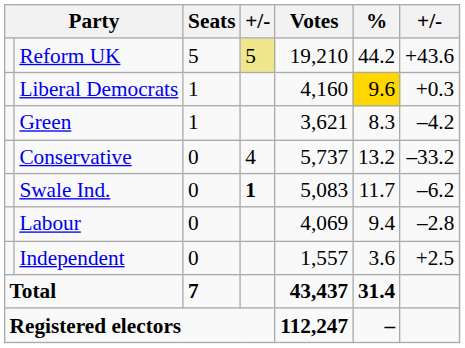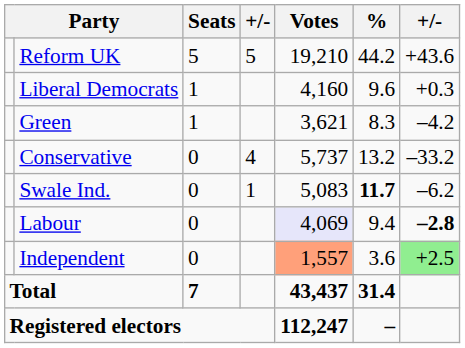 <table class="wikitable sortable">
 <tr>
 <th colspan="2">Party</th>
 <th>Seats</th>
 <th>+/-</th>
 <th>Votes</th>
 <th>%</th>
 <th>+/-</th>
 </tr>
 <tr>
 <td style="background-color: "></td>
 <td><a href='#'>Reform UK</a></td>
 <td>5</td>
-<td style="background: khaki;"> 5</td>
+<td> 5</td>
 <td style="text-align:right;">19,210</td>
 <td style="text-align:right;">44.2</td>
 <td style="text-align:right;">+43.6</td>
 </tr>
 <tr>
 <td style="background-color: "></td>
 <td><a href='#'>Liberal Democrats</a></td>
 <td>1</td>
 <td></td>
 <td style="text-align:right;">4,160</td>
-<td style="background: gold; text-align:right;">9.6</td>
+<td style="text-align:right;">9.6</td>
 <td style="text-align:right;">+0.3</td>
 </tr>
 <tr>
 <td style="background-color: "></td>
 <td><a href='#'>Green</a></td>
 <td>1</td>
 <td></td>
 <td style="text-align:right;">3,621</td>
 <td style="text-align:right;">8.3</td>
 <td style="text-align:right;">–4.2</td>
 </tr>
 <tr>
 <td style="background-color: "></td>
 <td><a href='#'>Conservative</a></td>
 <td>0</td>
 <td> 4</td>
 <td style="text-align:right;">5,737</td>
 <td style="text-align:right;">13.2</td>
 <td style="text-align:right;">–33.2</td>
 </tr>
 <tr>
 <td style="background-color: "></td>
 <td><a href='#'>Swale Ind.</a></td>
 <td>0</td>
-<td><strong> 1</strong></td>
+<td> 1</td>
 <td style="text-align:right;">5,083</td>
-<td style="text-align:right;">11.7</td>
+<td style="text-align:right;"><strong>11.7</strong></td>
 <td style="text-align:right;">–6.2</td>
 </tr>
 <tr>
 <td style="background-color: "></td>
 <td><a href='#'>Labour</a></td>
 <td>0</td>
 <td></td>
-<td style="text-align:right;">4,069</td>
+<td style="background: lavender; text-align:right;">4,069</td>
 <td style="text-align:right;">9.4</td>
-<td style="text-align:right;">–2.8</td>
+<td style="text-align:right;"><strong>–2.8</strong></td>
 </tr>
 <tr>
 <td style="background-color: "></td>
 <td><a href='#'>Independent</a></td>
 <td>0</td>
 <td></td>
-<td style="text-align:right;">1,557</td>
+<td style="background: lightsalmon; text-align:right;">1,557</td>
 <td style="text-align:right;">3.6</td>
-<td style="text-align:right;">+2.5</td>
+<td style="background: lightgreen; text-align:right;">+2.5</td>
 </tr>
 <tr>
 <td colspan="2"><strong>Total</strong></td>
 <td><strong>7</strong></td>
 <td></td>
 <td style="text-align:right;"><strong>43,437</strong></td>
 <td style="text-align:right;"><strong>31.4</strong></td>
 <td style="text-align:right;"></td>
 </tr>
 <tr>
 <td colspan="4"><strong>Registered electors</strong></td>
 <td style="text-align:right;"><strong>112,247</strong></td>
 <td style="text-align:right;"><strong>–</strong></td>
 <td style="text-align:right;"></td>
 </tr>
 </table>
